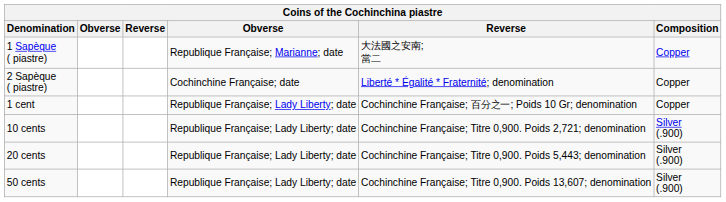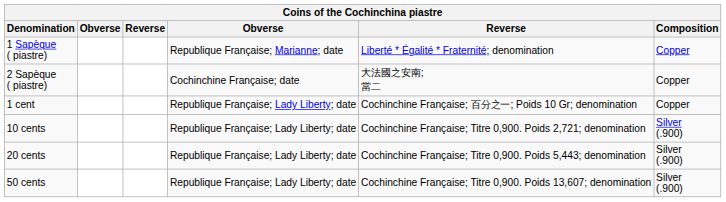 <table class="wikitable" style="font-size: 90%">
 <tr>
 <th colspan="14">Coins of the Cochinchina piastre</th>
 </tr>
 <tr>
 <th>Denomination</th>
 <th>Obverse</th>
 <th>Reverse</th>
 <th>Obverse</th>
 <th>Reverse</th>
 <th>Composition</th>
 </tr>
 <tr>
 <td>1 <a href='#'>Sapèque</a><br>( piastre)</td>
 <td style="text-align:center; background:#fff;"></td>
 <td style="text-align:center; background:#fff;"></td>
 <td>Republique Française; <a href='#'>Marianne</a>; date</td>
-<td>大法國之安南;<br>當二</td>
+<td><a href='#'>Liberté * Égalité * Fraternité</a>; denomination</td>
 <td><a href='#'>Copper</a></td>
 </tr>
 <tr>
 <td>2 Sapèque<br>( piastre)</td>
 <td style="text-align:center; background:#fff;"></td>
 <td style="text-align:center; background:#fff;"></td>
 <td>Cochinchine Française; date</td>
-<td><a href='#'>Liberté * Égalité * Fraternité</a>; denomination</td>
+<td>大法國之安南;<br>當二</td>
 <td>Copper</td>
 </tr>
 <tr>
 <td>1 cent</td>
 <td style="text-align:center; background:#fff;"></td>
 <td style="text-align:center; background:#fff;"></td>
 <td>Republique Française; <a href='#'>Lady Liberty</a>; date</td>
 <td>Cochinchine Française; 百分之一; Poids 10 Gr; denomination</td>
 <td>Copper</td>
 </tr>
 <tr>
 <td>10 cents</td>
 <td style="text-align:center; background:#fff;"></td>
 <td style="text-align:center; background:#fff;"></td>
 <td>Republique Française; Lady Liberty; date</td>
 <td>Cochinchine Française; Titre 0,900. Poids 2,721; denomination</td>
 <td><a href='#'>Silver</a><br>(.900)</td>
 </tr>
 <tr>
 <td>20 cents</td>
 <td style="text-align:center; background:#fff;"></td>
 <td style="text-align:center; background:#fff;"></td>
 <td>Republique Française; Lady Liberty; date</td>
 <td>Cochinchine Française; Titre 0,900. Poids 5,443; denomination</td>
 <td>Silver<br>(.900)</td>
 </tr>
 <tr>
 <td>50 cents</td>
 <td style="text-align:center; background:#fff;"></td>
 <td style="text-align:center; background:#fff;"></td>
 <td>Republique Française; Lady Liberty; date</td>
 <td>Cochinchine Française; Titre 0,900. Poids 13,607; denomination</td>
 <td>Silver<br>(.900)</td>
 </tr>
 </table>
